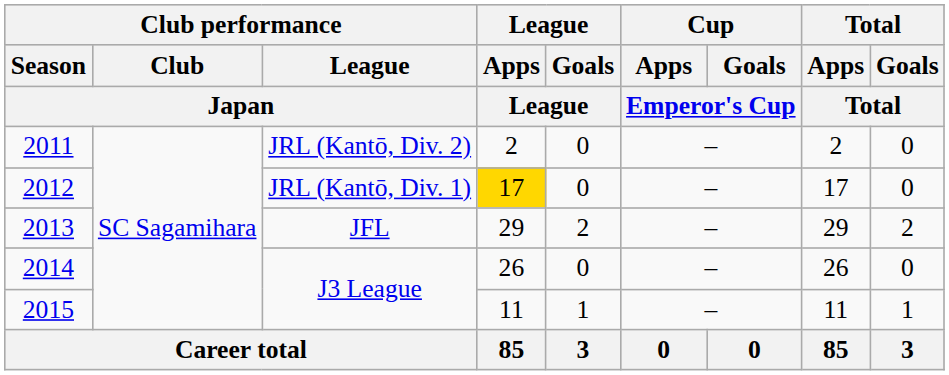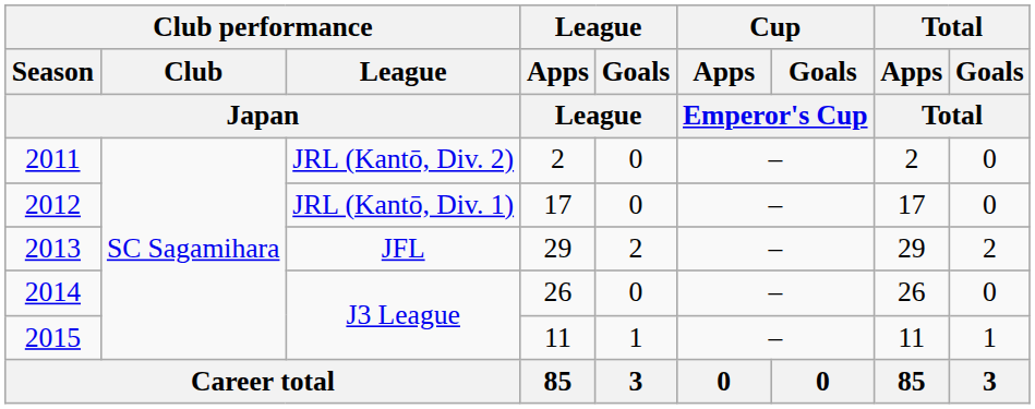 <table class="wikitable" style="text-align:center">
 <tr>
 <th colspan=3>Club performance</th>
 <th colspan=2>League</th>
 <th colspan=2>Cup</th>
 <th colspan=2>Total</th>
 </tr>
 <tr>
 <th>Season</th>
 <th>Club</th>
 <th>League</th>
 <th>Apps</th>
 <th>Goals</th>
 <th>Apps</th>
 <th>Goals</th>
 <th>Apps</th>
 <th>Goals</th>
 </tr>
 <tr>
 <th colspan=3>Japan</th>
 <th colspan=2>League</th>
 <th colspan=2><a href='#'>Emperor's Cup</a></th>
 <th colspan=2>Total</th>
 </tr>
 <tr>
 <td><a href='#'>2011</a></td>
 <td rowspan="5"><a href='#'>SC Sagamihara</a></td>
 <td><a href='#'>JRL (Kantō, Div. 2)</a></td>
 <td>2</td>
 <td>0</td>
 <td colspan="2">–</td>
 <td>2</td>
 <td>0</td>
 </tr>
 <tr>
 <td><a href='#'>2012</a></td>
 <td><a href='#'>JRL (Kantō, Div. 1)</a></td>
-<td style="background: gold;">17</td>
+<td>17</td>
 <td>0</td>
 <td colspan="2">–</td>
 <td>17</td>
 <td>0</td>
 </tr>
 <tr>
 <td><a href='#'>2013</a></td>
 <td><a href='#'>JFL</a></td>
 <td>29</td>
 <td>2</td>
 <td colspan="2">–</td>
 <td>29</td>
 <td>2</td>
 </tr>
 <tr>
 <td><a href='#'>2014</a></td>
 <td rowspan="2"><a href='#'>J3 League</a></td>
 <td>26</td>
 <td>0</td>
 <td colspan="2">–</td>
 <td>26</td>
 <td>0</td>
 </tr>
 <tr>
 <td><a href='#'>2015</a></td>
 <td>11</td>
 <td>1</td>
 <td colspan="2">–</td>
 <td>11</td>
 <td>1</td>
 </tr>
 <tr>
 <th colspan=3>Career total</th>
 <th>85</th>
 <th>3</th>
 <th>0</th>
 <th>0</th>
 <th>85</th>
 <th>3</th>
 </tr>
 </table>
